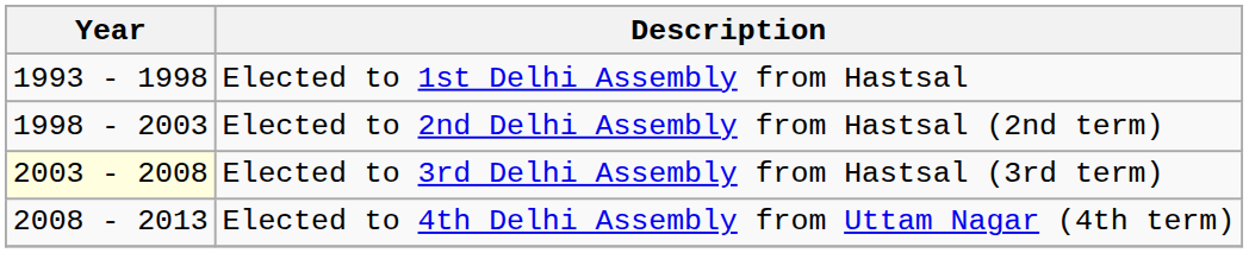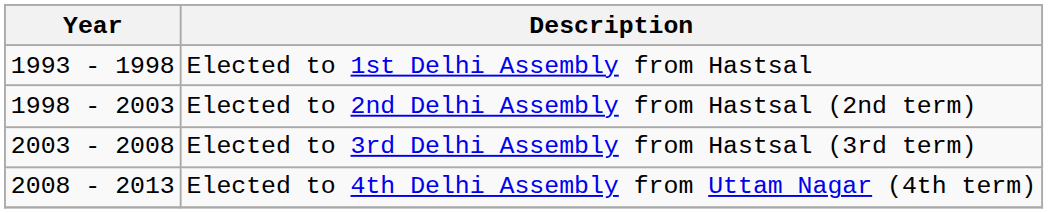 <table class="wikitable">
 <tr>
 <th>Year</th>
 <th>Description</th>
 </tr>
 <tr>
 <td>1993 - 1998</td>
 <td>Elected to <a href='#'>1st Delhi Assembly</a> from Hastsal</td>
 </tr>
 <tr>
 <td>1998 - 2003</td>
 <td>Elected to <a href='#'>2nd Delhi Assembly</a> from Hastsal (2nd term)</td>
 </tr>
 <tr>
-<td style="background: lightyellow;">2003 - 2008</td>
+<td>2003 - 2008</td>
 <td>Elected to <a href='#'>3rd Delhi Assembly</a> from Hastsal (3rd term)</td>
 </tr>
 <tr>
 <td>2008 - 2013</td>
 <td>Elected to <a href='#'>4th Delhi Assembly</a> from <a href='#'>Uttam Nagar</a> (4th term)</td>
 </tr>
 <tr>
 </tr>
 </table>
